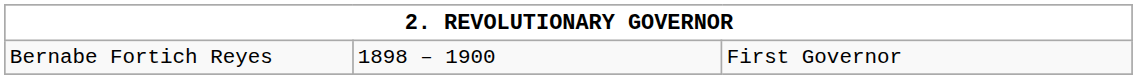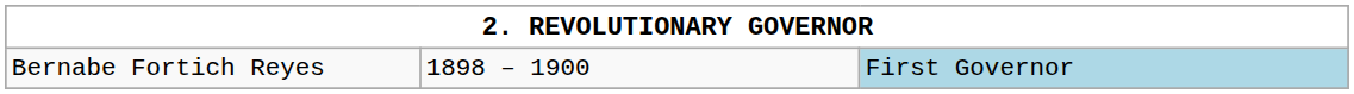 <table class="wikitable collapsible collapsed" style="vertical-align:top;text-align:left;font-size:95%;">
 <tr>
 <th style="background-color:white;font-size:105%;width:51em;" colspan=3>2. REVOLUTIONARY GOVERNOR</th>
 </tr>
 <tr>
 <td style="width:16em;">Bernabe Fortich Reyes</td>
 <td style="width:17em;">1898 – 1900</td>
-<td style="width:19em;">First Governor</td>
+<td style="background: lightblue; width:19em;">First Governor</td>
 </tr>
 </table>
